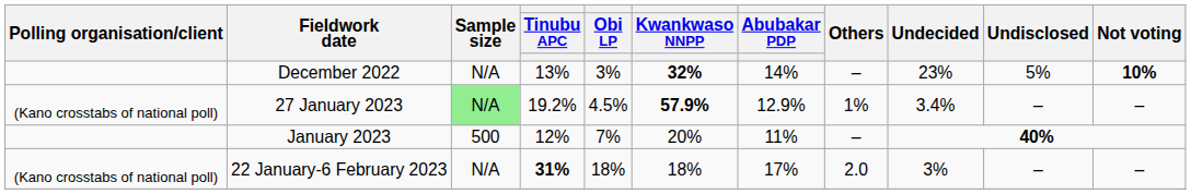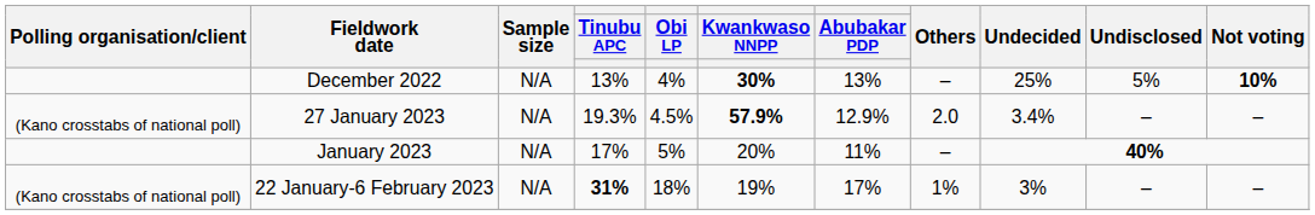 <table class="wikitable" style="text-align:center;font-size:95%;line-height:14px;">
 <tr>
 <th rowspan="3">Polling organisation/client</th>
 <th rowspan="3">Fieldwork<br>date</th>
 <th rowspan="3">Sample<br>size</th>
 <th></th>
 <th></th>
 <th></th>
 <th></th>
 <th rowspan="3">Others</th>
 <th rowspan="3">Undecided</th>
 <th rowspan="3">Undisclosed</th>
 <th rowspan="3">Not voting</th>
 </tr>
 <tr>
 <th><a href='#'>Tinubu</a><br><small><a href='#'>APC</a></small></th>
 <th><a href='#'>Obi</a><br><small><a href='#'>LP</a></small></th>
 <th><a href='#'>Kwankwaso</a><br><small><a href='#'>NNPP</a></small></th>
 <th><a href='#'>Abubakar</a><br><small><a href='#'>PDP</a></small></th>
 </tr>
 <tr>
 <th style="background:"></th>
 <th style="background:"></th>
 <th style="background:"></th>
 <th style="background:"></th>
 </tr>
 <tr>
 <td></td>
 <td>December 2022</td>
 <td>N/A</td>
 <td>13%</td>
-<td>3%</td>
-<td><strong>32%</strong></td>
-<td>14%</td>
+<td>4%</td>
+<td><strong>30%</strong></td>
+<td>13%</td>
 <td>–</td>
-<td>23%</td>
+<td>25%</td>
 <td>5%</td>
 <td><strong>10%</strong></td>
 </tr>
 <tr>
 <td><br><small>(Kano crosstabs of national poll)</small></td>
 <td>27 January 2023</td>
-<td style="background: lightgreen;">N/A</td>
-<td>19.2%</td>
+<td>N/A</td>
+<td>19.3%</td>
 <td>4.5%</td>
 <td><strong>57.9%</strong></td>
 <td>12.9%</td>
-<td>1%</td>
+<td>2.0</td>
 <td>3.4%</td>
 <td>–</td>
 <td>–</td>
 </tr>
 <tr>
 <td></td>
 <td>January 2023</td>
-<td>500</td>
-<td>12%</td>
-<td>7%</td>
+<td>N/A</td>
+<td>17%</td>
+<td>5%</td>
 <td>20%</td>
 <td>11%</td>
 <td>–</td>
 <td colspan="3" ><strong>40%</strong></td>
 </tr>
 <tr>
 <td><br><small>(Kano crosstabs of national poll)</small></td>
 <td>22 January-6 February 2023</td>
 <td>N/A</td>
 <td><strong>31%</strong></td>
 <td>18%</td>
-<td>18%</td>
+<td>19%</td>
 <td>17%</td>
-<td>2.0</td>
+<td>1%</td>
 <td>3%</td>
 <td>–</td>
 <td>–</td>
 </tr>
 <tr>
 </tr>
 </table>
